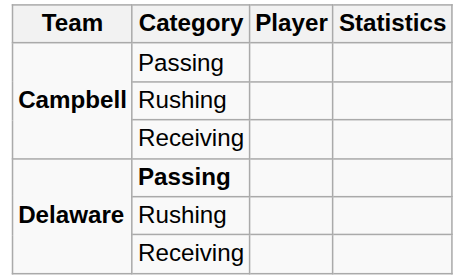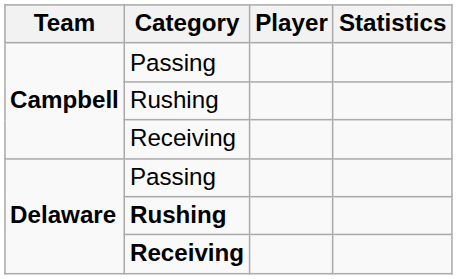 <table class="wikitable" style="float: right;">
 <tr>
 <th>Team</th>
 <th>Category</th>
 <th>Player</th>
 <th>Statistics</th>
 </tr>
 <tr>
 <td rowspan=3><strong>Campbell</strong></td>
 <td>Passing</td>
 <td></td>
 <td></td>
 </tr>
 <tr>
 <td>Rushing</td>
 <td></td>
 <td></td>
 </tr>
 <tr>
 <td>Receiving</td>
 <td></td>
 <td></td>
 </tr>
 <tr>
 <td rowspan=3><strong>Delaware</strong></td>
-<td><strong>Passing</strong></td>
+<td>Passing</td>
 <td></td>
 <td></td>
 </tr>
 <tr>
-<td>Rushing</td>
+<td><strong>Rushing</strong></td>
 <td></td>
 <td></td>
 </tr>
 <tr>
-<td>Receiving</td>
+<td><strong>Receiving</strong></td>
 <td></td>
 <td></td>
 </tr>
 </table>
